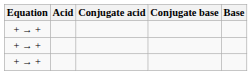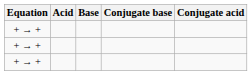 <table class="wikitable" style="text-align:center">
 <tr>
 <th>Equation</th>
 <th>Acid</th>
+<th>Base</th>
+<th>Conjugate base</th>
 <th>Conjugate acid</th>
-<th>Conjugate base</th>
-<th>Base</th>
 </tr>
 <tr>
 <td> +  →  + </td>
 <td><a href='#'></a></td>
 <td><a href='#'></a></td>
 <td><a href='#'></a></td>
 <td><a href='#'></a></td>
 </tr>
 <tr>
 <td> +  →  + </td>
 <td></td>
 <td><a href='#'></a></td>
 <td><a href='#'></a></td>
 <td><a href='#'></a></td>
 </tr>
 <tr>
 <td> +  →  + </td>
 <td><a href='#'></a></td>
 <td><a href='#'></a></td>
 <td><a href='#'></a></td>
 <td><a href='#'></a></td>
 </tr>
 </table>
